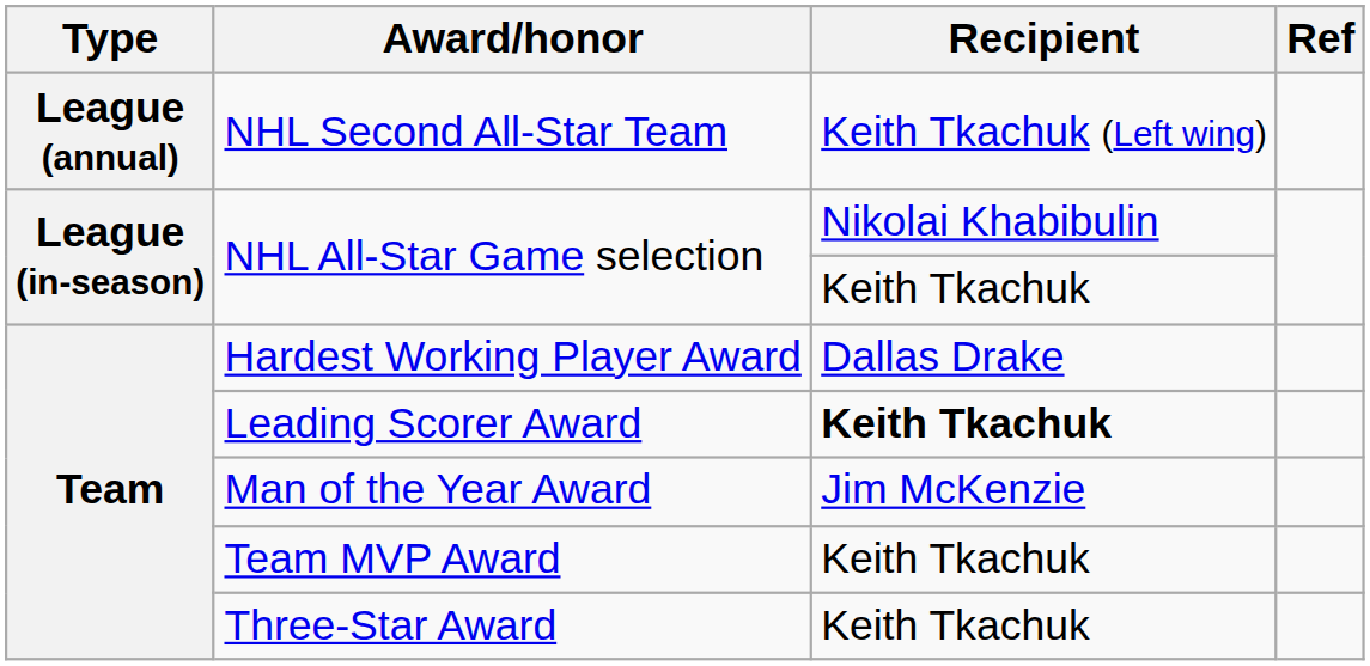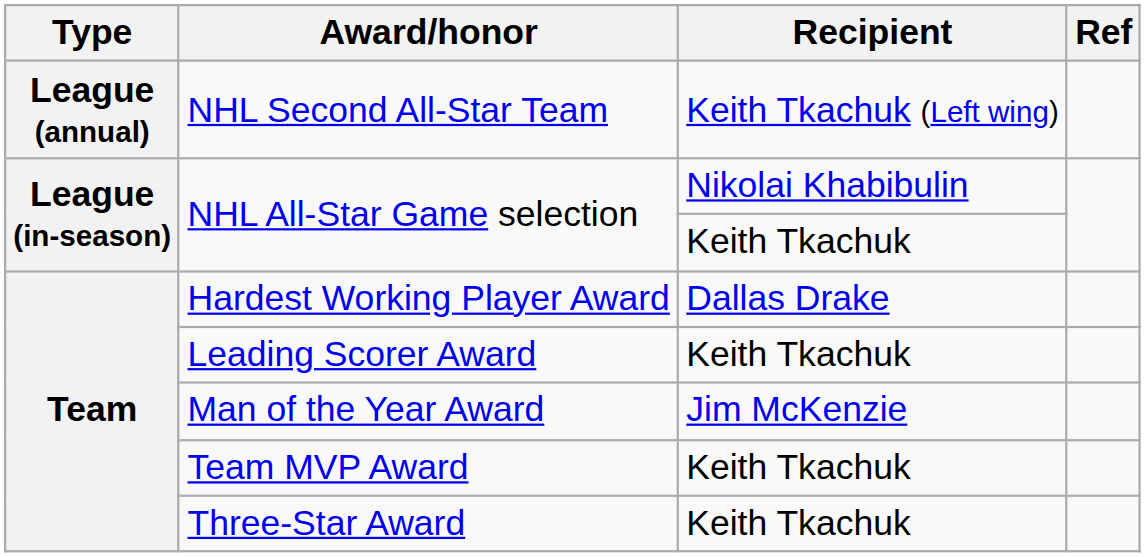 <table class="wikitable">
 <tr>
 <th scope="col">Type</th>
 <th scope="col">Award/honor</th>
 <th scope="col">Recipient</th>
 <th scope="col">Ref</th>
 </tr>
 <tr>
 <th scope="row">League<br><small>(annual)</small></th>
 <td><a href='#'>NHL Second All-Star Team</a></td>
 <td><a href='#'>Keith Tkachuk</a> <small>(<a href='#'>Left wing</a>)</small></td>
 <td></td>
 </tr>
 <tr>
 <th scope="row" rowspan=2>League<br><small>(in-season)</small></th>
 <td rowspan=2><a href='#'>NHL All-Star Game</a> selection</td>
 <td><a href='#'>Nikolai Khabibulin</a></td>
 <td rowspan=2></td>
 </tr>
 <tr>
 <td>Keith Tkachuk</td>
 </tr>
 <tr>
 <th scope="row" rowspan="5">Team</th>
 <td><a href='#'>Hardest Working Player Award</a></td>
 <td><a href='#'>Dallas Drake</a></td>
 <td></td>
 </tr>
 <tr>
 <td><a href='#'>Leading Scorer Award</a></td>
-<td><strong>Keith Tkachuk</strong></td>
+<td>Keith Tkachuk</td>
 <td></td>
 </tr>
 <tr>
 <td><a href='#'>Man of the Year Award</a></td>
 <td><a href='#'>Jim McKenzie</a></td>
 <td></td>
 </tr>
 <tr>
 <td><a href='#'>Team MVP Award</a></td>
 <td>Keith Tkachuk</td>
 <td></td>
 </tr>
 <tr>
 <td><a href='#'>Three-Star Award</a></td>
 <td>Keith Tkachuk</td>
 <td></td>
 </tr>
 </table>
